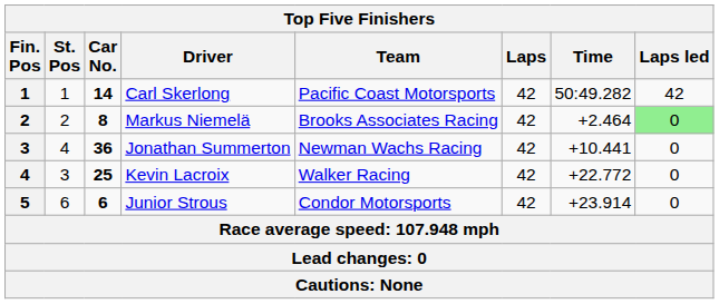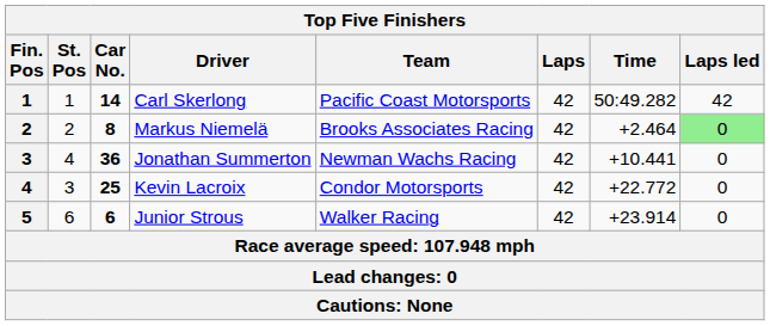 <table class="wikitable" style="font-size:95%;">
 <tr>
 <th colspan=9>Top Five Finishers</th>
 </tr>
 <tr>
 <th>Fin.<br>Pos</th>
 <th>St.<br>Pos</th>
 <th>Car<br>No.</th>
 <th>Driver</th>
 <th>Team</th>
 <th>Laps</th>
 <th>Time</th>
 <th>Laps led</th>
 </tr>
 <tr>
 <th>1</th>
 <td align=center>1</td>
 <td align=center><strong>14</strong></td>
 <td> <a href='#'>Carl Skerlong</a></td>
 <td><a href='#'>Pacific Coast Motorsports</a></td>
 <td align=center>42</td>
 <td align=right>50:49.282</td>
 <td align=center>42</td>
 </tr>
 <tr>
 <th>2</th>
 <td align=center>2</td>
 <td align=center><strong>8</strong></td>
 <td> <a href='#'>Markus Niemelä</a></td>
 <td><a href='#'>Brooks Associates Racing</a></td>
 <td align=center>42</td>
 <td align=right>+2.464</td>
 <td align=center style="background: lightgreen;">0</td>
 </tr>
 <tr>
 <th>3</th>
 <td align=center>4</td>
 <td align=center><strong>36</strong></td>
 <td> <a href='#'>Jonathan Summerton</a></td>
 <td><a href='#'>Newman Wachs Racing</a></td>
 <td align=center>42</td>
 <td align=right>+10.441</td>
 <td align=center>0</td>
 </tr>
 <tr>
 <th>4</th>
 <td align=center>3</td>
 <td style="text-align:center;"><strong>25</strong></td>
 <td> <a href='#'>Kevin Lacroix</a></td>
-<td><a href='#'>Walker Racing</a></td>
+<td><a href='#'>Condor Motorsports</a></td>
 <td align=center>42</td>
 <td align=right>+22.772</td>
 <td align=center>0</td>
 </tr>
 <tr>
 <th>5</th>
 <td align=center>6</td>
 <td align=center><strong>6</strong></td>
 <td> <a href='#'>Junior Strous</a></td>
-<td><a href='#'>Condor Motorsports</a></td>
+<td><a href='#'>Walker Racing</a></td>
 <td align=center>42</td>
 <td align=right>+23.914</td>
 <td align=center>0</td>
 </tr>
 <tr>
 <th colspan=9>Race average speed: 107.948 mph</th>
 </tr>
 <tr>
 <th colspan=9>Lead changes: 0</th>
 </tr>
 <tr>
 <th colspan=9>Cautions: None</th>
 </tr>
 </table>
